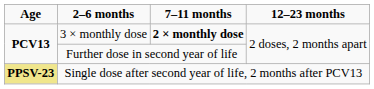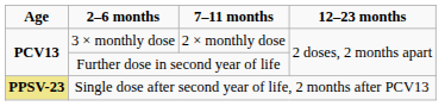 <table class="wikitable">
 <tr>
 <td align="center"><strong>Age</strong></td>
 <td align="center"><strong>2–6 months</strong></td>
 <td align="center"><strong>7–11 months</strong></td>
 <td align="center"><strong>12–23 months</strong></td>
 </tr>
 <tr>
 <td rowspan=2 align="center"><strong>PCV13</strong></td>
 <td align="center">3 × monthly dose</td>
-<td align="center"><strong>2 × monthly dose</strong></td>
+<td align="center">2 × monthly dose</td>
 <td rowspan="2" align="center">2 doses, 2 months apart</td>
 </tr>
 <tr>
 <td colspan=2 align="center">Further dose in second year of life</td>
 </tr>
 <tr>
 <td align="center" style="background: khaki;"><strong>PPSV-23</strong></td>
 <td colspan=3 align="center">Single dose after second year of life, 2 months after PCV13</td>
 </tr>
 </table>
